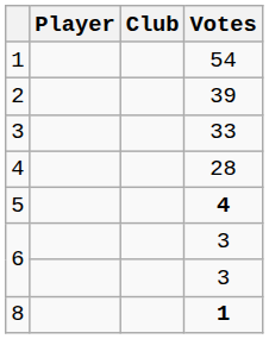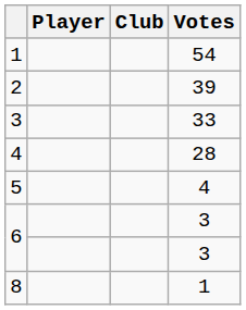 <table class="wikitable sortable" style="text-align:center">
 <tr>
 <th></th>
 <th>Player</th>
 <th>Club</th>
 <th>Votes</th>
 </tr>
 <tr>
 <td>1</td>
 <td></td>
 <td></td>
 <td>54</td>
 </tr>
 <tr>
 <td>2</td>
 <td></td>
 <td></td>
 <td>39</td>
 </tr>
 <tr>
 <td>3</td>
 <td></td>
 <td></td>
 <td>33</td>
 </tr>
 <tr>
 <td>4</td>
 <td></td>
 <td></td>
 <td>28</td>
 </tr>
 <tr>
 <td>5</td>
 <td></td>
 <td></td>
-<td><strong>4</strong></td>
+<td>4</td>
 </tr>
 <tr>
 <td rowspan="2">6</td>
 <td></td>
 <td></td>
 <td>3</td>
 </tr>
 <tr>
 <td></td>
 <td></td>
 <td>3</td>
 </tr>
 <tr>
 <td>8</td>
 <td></td>
 <td></td>
-<td><strong>1</strong></td>
+<td>1</td>
 </tr>
 </table>
